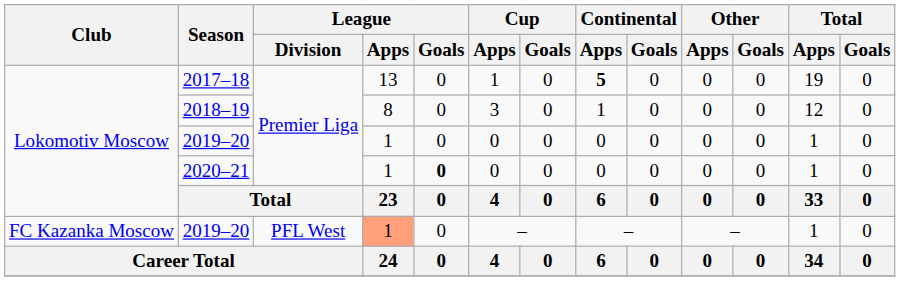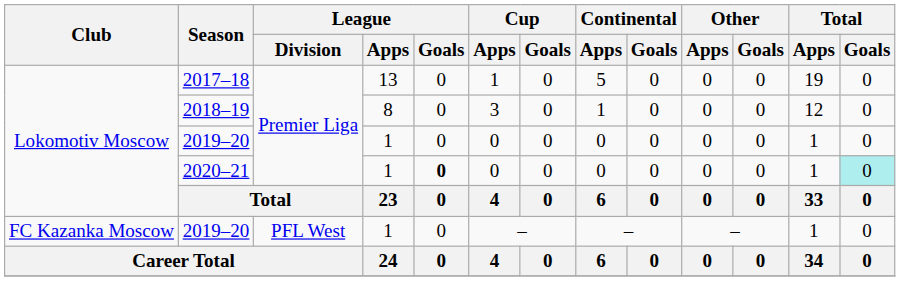 <table class="wikitable" style="text-align: center;">
 <tr>
 <th rowspan=2>Club</th>
 <th rowspan=2>Season</th>
 <th colspan=3>League</th>
 <th colspan=2>Cup</th>
 <th colspan=2>Continental</th>
 <th colspan=2>Other</th>
 <th colspan=2>Total</th>
 </tr>
 <tr>
 <th>Division</th>
 <th>Apps</th>
 <th>Goals</th>
 <th>Apps</th>
 <th>Goals</th>
 <th>Apps</th>
 <th>Goals</th>
 <th>Apps</th>
 <th>Goals</th>
 <th>Apps</th>
 <th>Goals</th>
 </tr>
 <tr>
 <td rowspan=5><a href='#'>Lokomotiv Moscow</a></td>
 <td><a href='#'>2017–18</a></td>
 <td rowspan=4><a href='#'>Premier Liga</a></td>
 <td>13</td>
 <td>0</td>
 <td>1</td>
 <td>0</td>
-<td><strong>5</strong></td>
+<td>5</td>
 <td>0</td>
 <td>0</td>
 <td>0</td>
 <td>19</td>
 <td>0</td>
 </tr>
 <tr>
 <td><a href='#'>2018–19</a></td>
 <td>8</td>
 <td>0</td>
 <td>3</td>
 <td>0</td>
 <td>1</td>
 <td>0</td>
 <td>0</td>
 <td>0</td>
 <td>12</td>
 <td>0</td>
 </tr>
 <tr>
 <td><a href='#'>2019–20</a></td>
 <td>1</td>
 <td>0</td>
 <td>0</td>
 <td>0</td>
 <td>0</td>
 <td>0</td>
 <td>0</td>
 <td>0</td>
 <td>1</td>
 <td>0</td>
 </tr>
 <tr>
 <td><a href='#'>2020–21</a></td>
 <td>1</td>
 <td><strong>0</strong></td>
 <td>0</td>
 <td>0</td>
 <td>0</td>
 <td>0</td>
 <td>0</td>
 <td>0</td>
 <td>1</td>
-<td>0</td>
+<td style="background: paleturquoise;">0</td>
 </tr>
 <tr>
 <th colspan=2>Total</th>
 <th>23</th>
 <th>0</th>
 <th>4</th>
 <th>0</th>
 <th>6</th>
 <th>0</th>
 <th>0</th>
 <th>0</th>
 <th>33</th>
 <th>0</th>
 </tr>
 <tr>
 <td><a href='#'>FC Kazanka Moscow</a></td>
 <td><a href='#'>2019–20</a></td>
 <td><a href='#'>PFL West</a></td>
-<td style="background: lightsalmon;">1</td>
+<td>1</td>
 <td>0</td>
 <td colspan="2">–</td>
 <td colspan="2">–</td>
 <td colspan="2">–</td>
 <td>1</td>
 <td>0</td>
 </tr>
 <tr>
 <th colspan=3>Career Total</th>
 <th>24</th>
 <th>0</th>
 <th>4</th>
 <th>0</th>
 <th>6</th>
 <th>0</th>
 <th>0</th>
 <th>0</th>
 <th>34</th>
 <th>0</th>
 </tr>
 <tr>
 </tr>
 </table>
